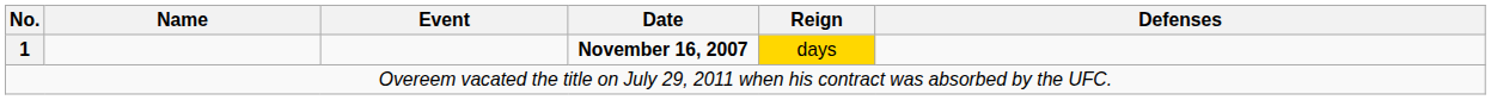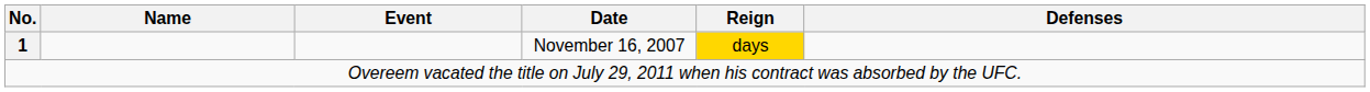 <table class="wikitable" width=100% style="text-align: center;">
 <tr>
 <th width=1%>No.</th>
 <th width=19%>Name</th>
 <th width=17%>Event</th>
 <th width=13%>Date</th>
 <th width=8%>Reign</th>
 <th width=50%>Defenses</th>
 </tr>
 <tr>
 <th>1</th>
 <td align=left><br></td>
 <td><br></td>
-<td><strong>November 16, 2007</strong></td>
+<td>November 16, 2007</td>
 <td style="background: gold;"> days</td>
 <td align=left></td>
 </tr>
 <tr>
 <td align=center colspan=6><em>Overeem vacated the title on July 29, 2011 when his contract was absorbed by the UFC.</em></td>
 </tr>
 </table>
